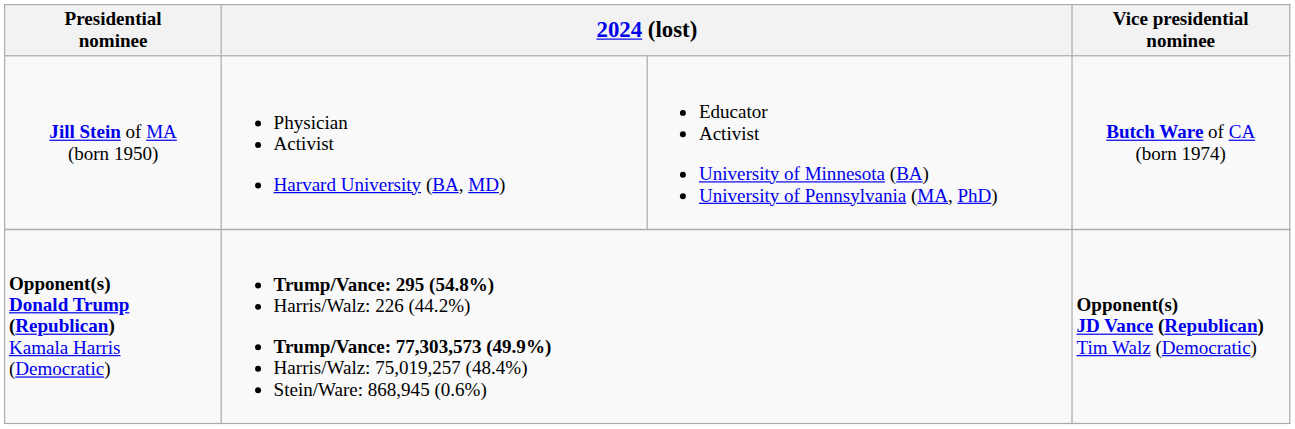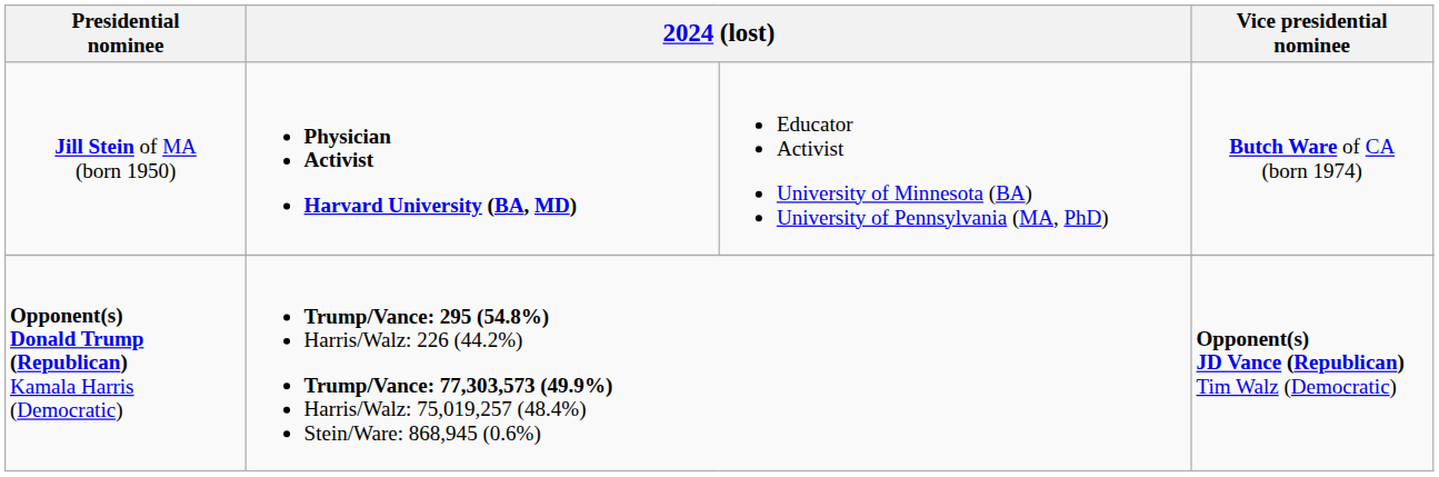 <table class="wikitable">
 <tr>
 <th width="175">Presidential<br>nominee</th>
 <th colspan="2"><big><a href='#'>2024</a> (lost)</big></th>
 <th width="175">Vice presidential<br>nominee</th>
 </tr>
 <tr>
 <td style="text-align:center;"><strong><a href='#'>Jill Stein</a></strong> of <a href='#'>MA</a><br>(born 1950)<br></td>
-<td width="350"><br><ul><li>Physician</li><li>Activist</li></ul><ul><li><a href='#'>Harvard University</a> (<a href='#'>BA</a>, <a href='#'>MD</a>)</li></ul></td>
+<td width="350"><strong><br><ul><li>Physician</li><li>Activist</li></ul><ul><li><a href='#'>Harvard University</a> (<a href='#'>BA</a>, <a href='#'>MD</a>)</li></ul></strong></td>
 <td width="350"><br><ul><li>Educator</li><li>Activist</li></ul><ul><li><a href='#'>University of Minnesota</a> (<a href='#'>BA</a>)</li><li><a href='#'>University of Pennsylvania</a> (<a href='#'>MA</a>, <a href='#'>PhD</a>)</li></ul></td>
 <td style="text-align:center;"><strong><a href='#'>Butch Ware</a></strong> of <a href='#'>CA</a><br>(born 1974)<br></td>
 </tr>
 <tr>
 </tr>
 <tr>
 <td><strong>Opponent(s)</strong><br><strong><a href='#'>Donald Trump</a> (<a href='#'>Republican</a>)</strong><br><a href='#'>Kamala Harris</a> (<a href='#'>Democratic</a>)</td>
 <td colspan=2><br><ul><li><strong>Trump/Vance: 295 (54.8%)</strong></li><li>Harris/Walz: 226 (44.2%)</li></ul><ul><li><strong>Trump/Vance: 77,303,573 (49.9%)</strong></li><li>Harris/Walz: 75,019,257 (48.4%)</li><li>Stein/Ware: 868,945 (0.6%)</li></ul></td>
 <td><strong>Opponent(s)</strong><br><strong><a href='#'>JD Vance</a> (<a href='#'>Republican</a>)</strong><br><a href='#'>Tim Walz</a> (<a href='#'>Democratic</a>)</td>
 </tr>
 </table>
